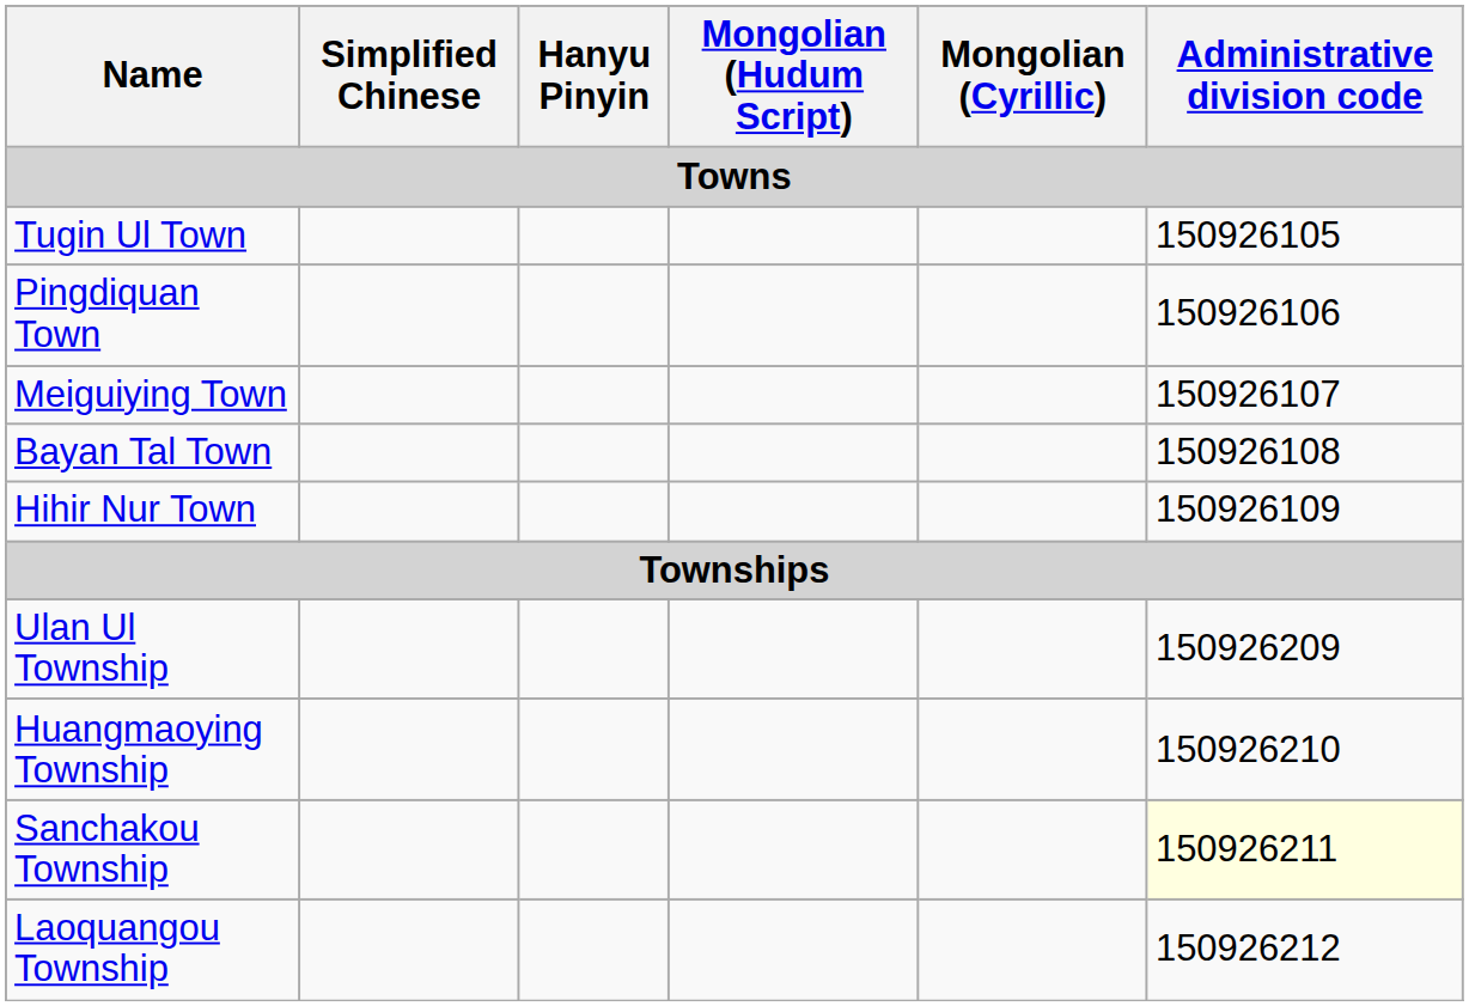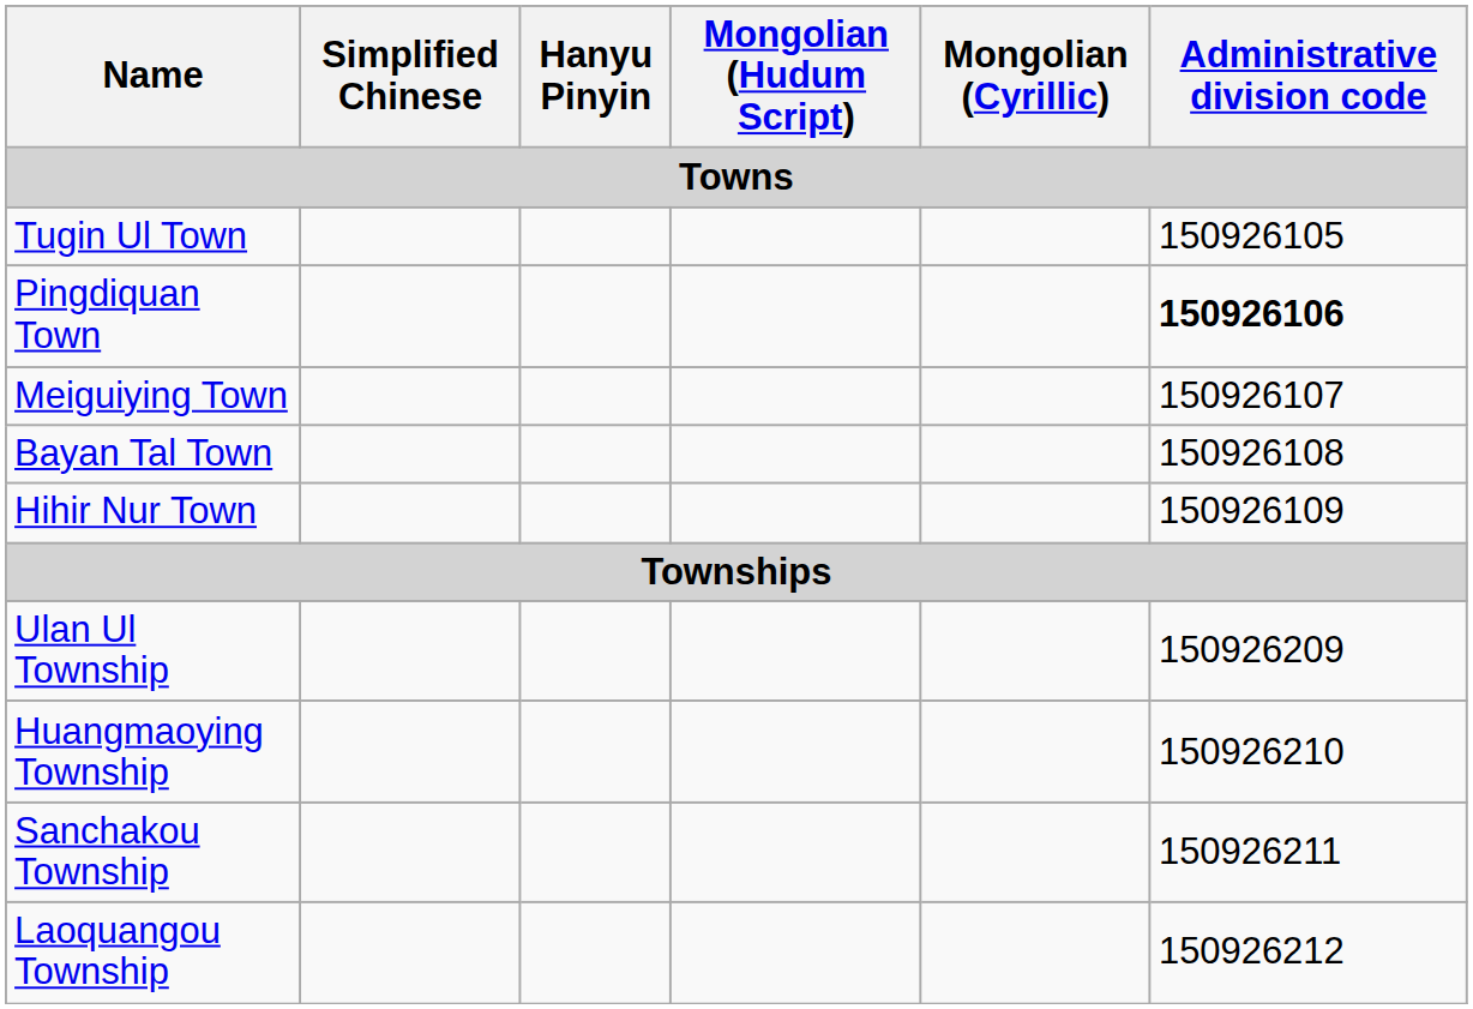 <table class="wikitable" align="center" style="width:50%; border="1">
 <tr>
 <th>Name</th>
 <th>Simplified Chinese</th>
 <th>Hanyu Pinyin</th>
 <th><a href='#'>Mongolian</a> (<a href='#'>Hudum Script</a>)</th>
 <th>Mongolian (<a href='#'>Cyrillic</a>)</th>
 <th><a href='#'>Administrative division code</a></th>
 </tr>
 <tr>
 <td colspan="6"  style="text-align:center; background:#d3d3d3;"><strong>Towns</strong></td>
 </tr>
 <tr --------->
 <td><a href='#'>Tugin Ul Town</a></td>
 <td></td>
 <td></td>
 <td></td>
 <td></td>
 <td>150926105</td>
 </tr>
 <tr>
 <td><a href='#'>Pingdiquan Town</a></td>
 <td></td>
 <td></td>
 <td></td>
 <td></td>
-<td>150926106</td>
+<td><strong>150926106</strong></td>
 </tr>
 <tr>
 <td><a href='#'>Meiguiying Town</a></td>
 <td></td>
 <td></td>
 <td></td>
 <td></td>
 <td>150926107</td>
 </tr>
 <tr>
 <td><a href='#'>Bayan Tal Town</a></td>
 <td></td>
 <td></td>
 <td></td>
 <td></td>
 <td>150926108</td>
 </tr>
 <tr>
 <td><a href='#'>Hihir Nur Town</a></td>
 <td></td>
 <td></td>
 <td></td>
 <td></td>
 <td>150926109</td>
 </tr>
 <tr>
 <td colspan="6"  style="text-align:center; background:#d3d3d3;"><strong>Townships</strong></td>
 </tr>
 <tr --------->
 <td><a href='#'>Ulan Ul Township</a></td>
 <td></td>
 <td></td>
 <td></td>
 <td></td>
 <td>150926209</td>
 </tr>
 <tr>
 <td><a href='#'>Huangmaoying Township</a></td>
 <td></td>
 <td></td>
 <td></td>
 <td></td>
 <td>150926210</td>
 </tr>
 <tr>
 <td><a href='#'>Sanchakou Township</a></td>
 <td></td>
 <td></td>
 <td></td>
 <td></td>
-<td style="background: lightyellow;">150926211</td>
+<td>150926211</td>
 </tr>
 <tr>
 <td><a href='#'>Laoquangou Township</a></td>
 <td></td>
 <td></td>
 <td></td>
 <td></td>
 <td>150926212</td>
 </tr>
 <tr>
 </tr>
 </table>
